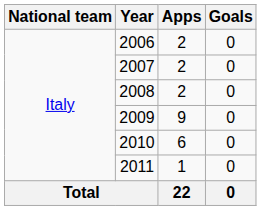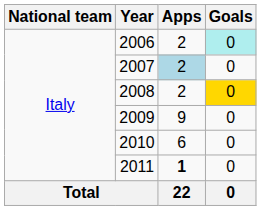 <table class="wikitable" style="text-align:center">
 <tr>
 <th>National team</th>
 <th>Year</th>
 <th>Apps</th>
 <th>Goals</th>
 </tr>
 <tr>
 <td rowspan="6"><a href='#'>Italy</a></td>
 <td>2006</td>
 <td>2</td>
-<td>0</td>
+<td style="background: paleturquoise;">0</td>
 </tr>
 <tr>
 <td>2007</td>
-<td>2</td>
+<td style="background: lightblue;">2</td>
 <td>0</td>
 </tr>
 <tr>
 <td>2008</td>
 <td>2</td>
-<td>0</td>
+<td style="background: gold;">0</td>
 </tr>
 <tr>
 <td>2009</td>
 <td>9</td>
 <td>0</td>
 </tr>
 <tr>
 <td>2010</td>
 <td>6</td>
 <td>0</td>
 </tr>
 <tr>
 <td>2011</td>
-<td>1</td>
+<td><strong>1</strong></td>
 <td>0</td>
 </tr>
 <tr>
 <th colspan="2">Total</th>
 <th>22</th>
 <th>0</th>
 </tr>
 </table>
